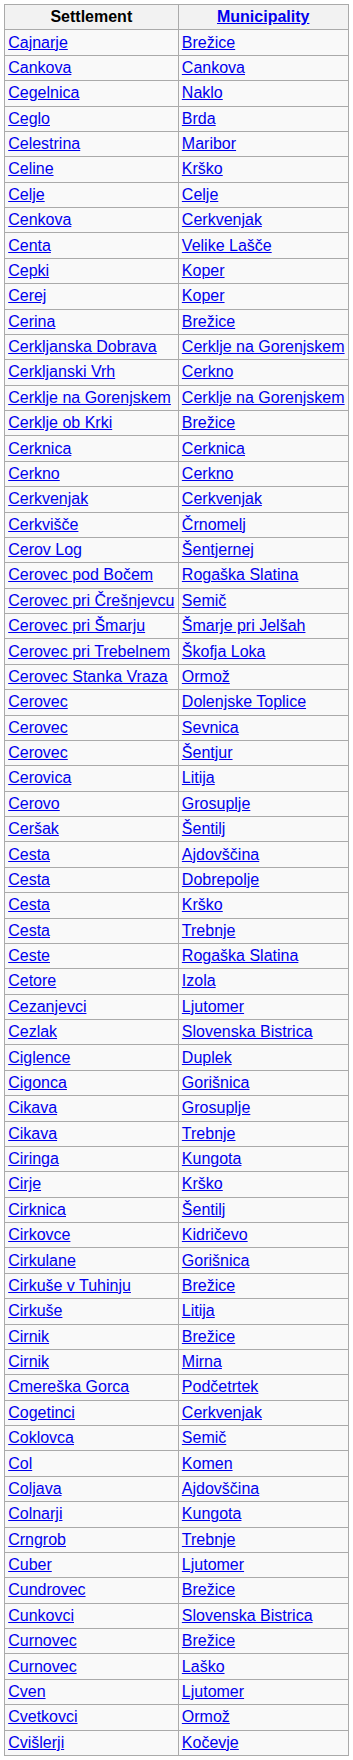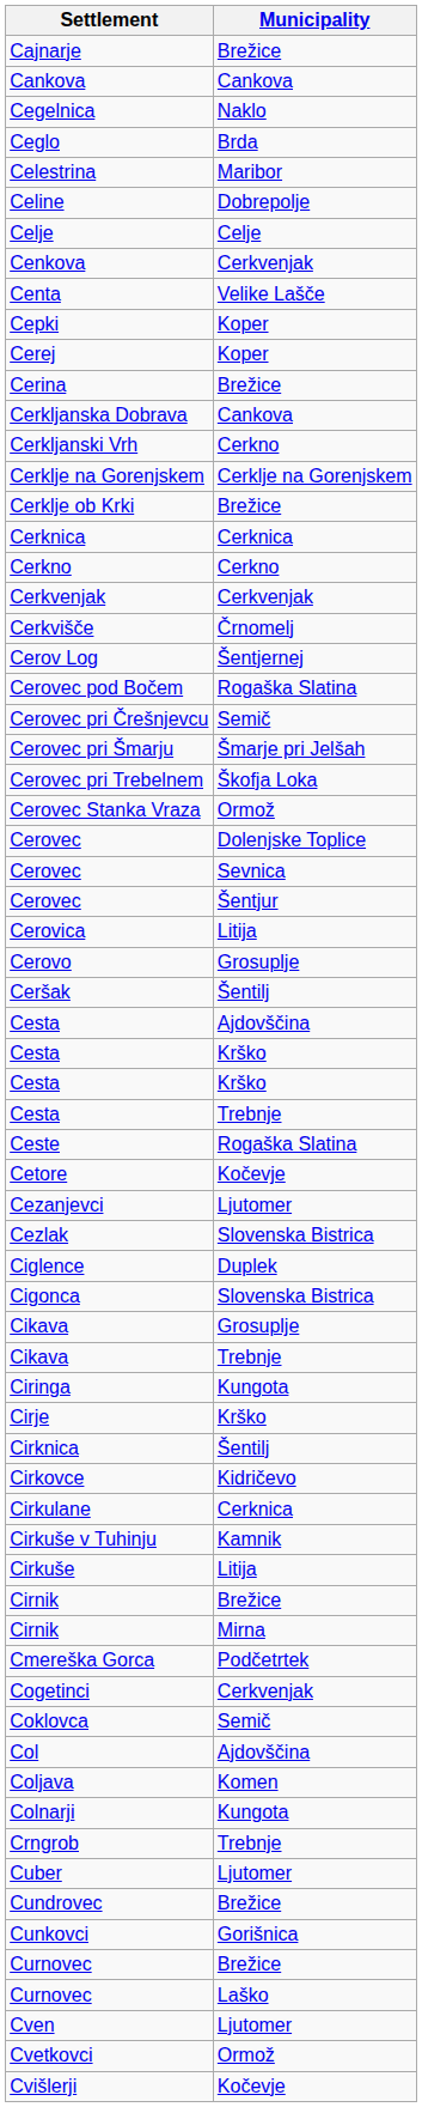 <table class="wikitable sortable">
 <tr>
 <th>Settlement</th>
 <th><a href='#'>Municipality</a></th>
 </tr>
 <tr>
 <td><a href='#'>Cajnarje</a></td>
 <td><a href='#'>Brežice</a></td>
 </tr>
 <tr>
 <td><a href='#'>Cankova</a></td>
 <td><a href='#'>Cankova</a></td>
 </tr>
 <tr>
 <td><a href='#'>Cegelnica</a></td>
 <td><a href='#'>Naklo</a></td>
 </tr>
 <tr>
 <td><a href='#'>Ceglo</a></td>
 <td><a href='#'>Brda</a></td>
 </tr>
 <tr>
 <td><a href='#'>Celestrina</a></td>
 <td><a href='#'>Maribor</a></td>
 </tr>
 <tr>
 <td><a href='#'>Celine</a></td>
-<td><a href='#'>Krško</a></td>
+<td><a href='#'>Dobrepolje</a></td>
 </tr>
 <tr>
 <td><a href='#'>Celje</a></td>
 <td><a href='#'>Celje</a></td>
 </tr>
 <tr>
 <td><a href='#'>Cenkova</a></td>
 <td><a href='#'>Cerkvenjak</a></td>
 </tr>
 <tr>
 <td><a href='#'>Centa</a></td>
 <td><a href='#'>Velike Lašče</a></td>
 </tr>
 <tr>
 <td><a href='#'>Cepki</a></td>
 <td><a href='#'>Koper</a></td>
 </tr>
 <tr>
 <td><a href='#'>Cerej</a></td>
 <td><a href='#'>Koper</a></td>
 </tr>
 <tr>
 <td><a href='#'>Cerina</a></td>
 <td><a href='#'>Brežice</a></td>
 </tr>
 <tr>
 <td><a href='#'>Cerkljanska Dobrava</a></td>
-<td><a href='#'>Cerklje na Gorenjskem</a></td>
+<td><a href='#'>Cankova</a></td>
 </tr>
 <tr>
 <td><a href='#'>Cerkljanski Vrh</a></td>
 <td><a href='#'>Cerkno</a></td>
 </tr>
 <tr>
 <td><a href='#'>Cerklje na Gorenjskem</a></td>
 <td><a href='#'>Cerklje na Gorenjskem</a></td>
 </tr>
 <tr>
 <td><a href='#'>Cerklje ob Krki</a></td>
 <td><a href='#'>Brežice</a></td>
 </tr>
 <tr>
 <td><a href='#'>Cerknica</a></td>
 <td><a href='#'>Cerknica</a></td>
 </tr>
 <tr>
 <td><a href='#'>Cerkno</a></td>
 <td><a href='#'>Cerkno</a></td>
 </tr>
 <tr>
 <td><a href='#'>Cerkvenjak</a></td>
 <td><a href='#'>Cerkvenjak</a></td>
 </tr>
 <tr>
 <td><a href='#'>Cerkvišče</a></td>
 <td><a href='#'>Črnomelj</a></td>
 </tr>
 <tr>
 <td><a href='#'>Cerov Log</a></td>
 <td><a href='#'>Šentjernej</a></td>
 </tr>
 <tr>
 <td><a href='#'>Cerovec pod Bočem</a></td>
 <td><a href='#'>Rogaška Slatina</a></td>
 </tr>
 <tr>
 <td><a href='#'>Cerovec pri Črešnjevcu</a></td>
 <td><a href='#'>Semič</a></td>
 </tr>
 <tr>
 <td><a href='#'>Cerovec pri Šmarju</a></td>
 <td><a href='#'>Šmarje pri Jelšah</a></td>
 </tr>
 <tr>
 <td><a href='#'>Cerovec pri Trebelnem</a></td>
 <td><a href='#'>Škofja Loka</a></td>
 </tr>
 <tr>
 <td><a href='#'>Cerovec Stanka Vraza</a></td>
 <td><a href='#'>Ormož</a></td>
 </tr>
 <tr>
 <td><a href='#'>Cerovec</a></td>
 <td><a href='#'>Dolenjske Toplice</a></td>
 </tr>
 <tr>
 <td><a href='#'>Cerovec</a></td>
 <td><a href='#'>Sevnica</a></td>
 </tr>
 <tr>
 <td><a href='#'>Cerovec</a></td>
 <td><a href='#'>Šentjur</a></td>
 </tr>
 <tr>
 <td><a href='#'>Cerovica</a></td>
 <td><a href='#'>Litija</a></td>
 </tr>
 <tr>
 <td><a href='#'>Cerovo</a></td>
 <td><a href='#'>Grosuplje</a></td>
 </tr>
 <tr>
 <td><a href='#'>Ceršak</a></td>
 <td><a href='#'>Šentilj</a></td>
 </tr>
 <tr>
 <td><a href='#'>Cesta</a></td>
 <td><a href='#'>Ajdovščina</a></td>
 </tr>
 <tr>
 <td><a href='#'>Cesta</a></td>
-<td><a href='#'>Dobrepolje</a></td>
+<td><a href='#'>Krško</a></td>
 </tr>
 <tr>
 <td><a href='#'>Cesta</a></td>
 <td><a href='#'>Krško</a></td>
 </tr>
 <tr>
 <td><a href='#'>Cesta</a></td>
 <td><a href='#'>Trebnje</a></td>
 </tr>
 <tr>
 <td><a href='#'>Ceste</a></td>
 <td><a href='#'>Rogaška Slatina</a></td>
 </tr>
 <tr>
 <td><a href='#'>Cetore</a></td>
-<td><a href='#'>Izola</a></td>
+<td><a href='#'>Kočevje</a></td>
 </tr>
 <tr>
 <td><a href='#'>Cezanjevci</a></td>
 <td><a href='#'>Ljutomer</a></td>
 </tr>
 <tr>
 <td><a href='#'>Cezlak</a></td>
 <td><a href='#'>Slovenska Bistrica</a></td>
 </tr>
 <tr>
 <td><a href='#'>Ciglence</a></td>
 <td><a href='#'>Duplek</a></td>
 </tr>
 <tr>
 <td><a href='#'>Cigonca</a></td>
-<td><a href='#'>Gorišnica</a></td>
+<td><a href='#'>Slovenska Bistrica</a></td>
 </tr>
 <tr>
 <td><a href='#'>Cikava</a></td>
 <td><a href='#'>Grosuplje</a></td>
 </tr>
 <tr>
 <td><a href='#'>Cikava</a></td>
 <td><a href='#'>Trebnje</a></td>
 </tr>
 <tr>
 <td><a href='#'>Ciringa</a></td>
 <td><a href='#'>Kungota</a></td>
 </tr>
 <tr>
 <td><a href='#'>Cirje</a></td>
 <td><a href='#'>Krško</a></td>
 </tr>
 <tr>
 <td><a href='#'>Cirknica</a></td>
 <td><a href='#'>Šentilj</a></td>
 </tr>
 <tr>
 <td><a href='#'>Cirkovce</a></td>
 <td><a href='#'>Kidričevo</a></td>
 </tr>
 <tr>
 <td><a href='#'>Cirkulane</a></td>
-<td><a href='#'>Gorišnica</a></td>
+<td><a href='#'>Cerknica</a></td>
 </tr>
 <tr>
 <td><a href='#'>Cirkuše v Tuhinju</a></td>
-<td><a href='#'>Brežice</a></td>
+<td><a href='#'>Kamnik</a></td>
 </tr>
 <tr>
 <td><a href='#'>Cirkuše</a></td>
 <td><a href='#'>Litija</a></td>
 </tr>
 <tr>
 <td><a href='#'>Cirnik</a></td>
 <td><a href='#'>Brežice</a></td>
 </tr>
 <tr>
 <td><a href='#'>Cirnik</a></td>
 <td><a href='#'>Mirna</a></td>
 </tr>
 <tr>
 <td><a href='#'>Cmereška Gorca</a></td>
 <td><a href='#'>Podčetrtek</a></td>
 </tr>
 <tr>
 <td><a href='#'>Cogetinci</a></td>
 <td><a href='#'>Cerkvenjak</a></td>
 </tr>
 <tr>
 <td><a href='#'>Coklovca</a></td>
 <td><a href='#'>Semič</a></td>
 </tr>
 <tr>
 <td><a href='#'>Col</a></td>
-<td><a href='#'>Komen</a></td>
+<td><a href='#'>Ajdovščina</a></td>
 </tr>
 <tr>
 <td><a href='#'>Coljava</a></td>
-<td><a href='#'>Ajdovščina</a></td>
+<td><a href='#'>Komen</a></td>
 </tr>
 <tr>
 <td><a href='#'>Colnarji</a></td>
 <td><a href='#'>Kungota</a></td>
 </tr>
 <tr>
 <td><a href='#'>Crngrob</a></td>
 <td><a href='#'>Trebnje</a></td>
 </tr>
 <tr>
 <td><a href='#'>Cuber</a></td>
 <td><a href='#'>Ljutomer</a></td>
 </tr>
 <tr>
 <td><a href='#'>Cundrovec</a></td>
 <td><a href='#'>Brežice</a></td>
 </tr>
 <tr>
 <td><a href='#'>Cunkovci</a></td>
-<td><a href='#'>Slovenska Bistrica</a></td>
+<td><a href='#'>Gorišnica</a></td>
 </tr>
 <tr>
 <td><a href='#'>Curnovec</a></td>
 <td><a href='#'>Brežice</a></td>
 </tr>
 <tr>
 <td><a href='#'>Curnovec</a></td>
 <td><a href='#'>Laško</a></td>
 </tr>
 <tr>
 <td><a href='#'>Cven</a></td>
 <td><a href='#'>Ljutomer</a></td>
 </tr>
 <tr>
 <td><a href='#'>Cvetkovci</a></td>
 <td><a href='#'>Ormož</a></td>
 </tr>
 <tr>
 <td><a href='#'>Cvišlerji</a></td>
 <td><a href='#'>Kočevje</a></td>
 </tr>
 </table>
